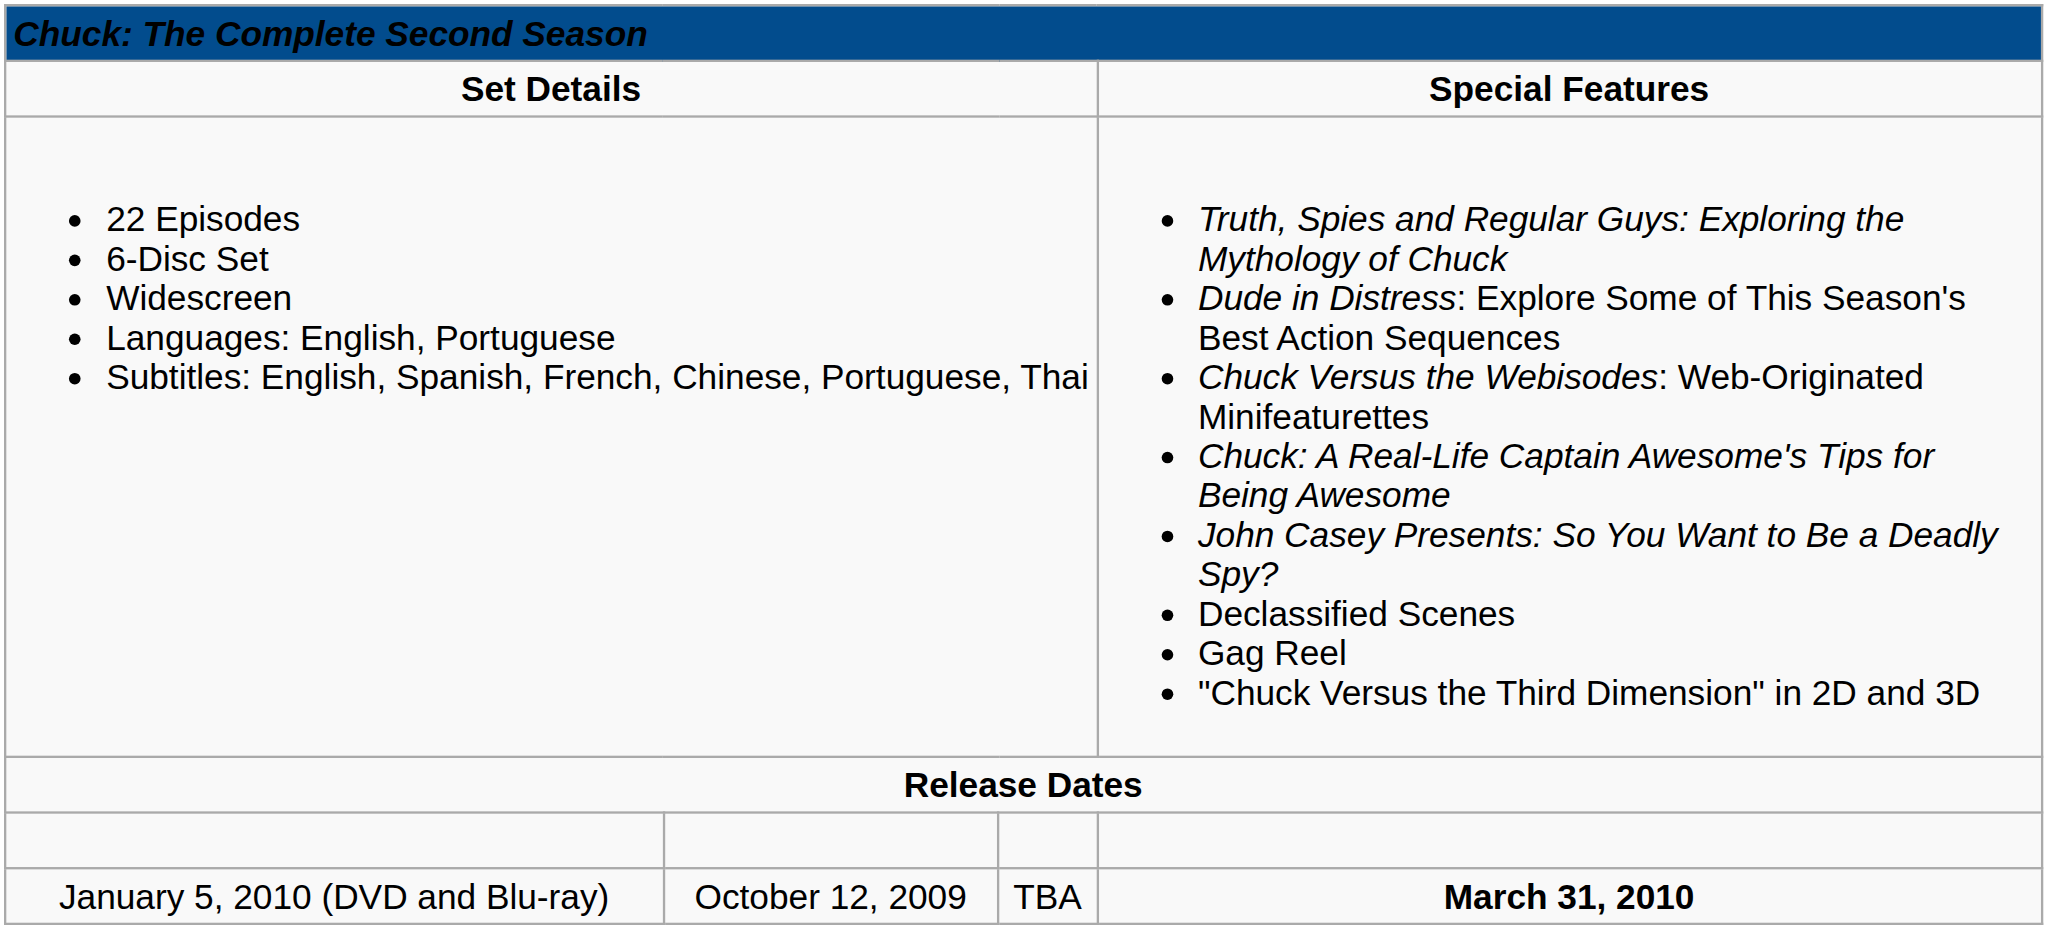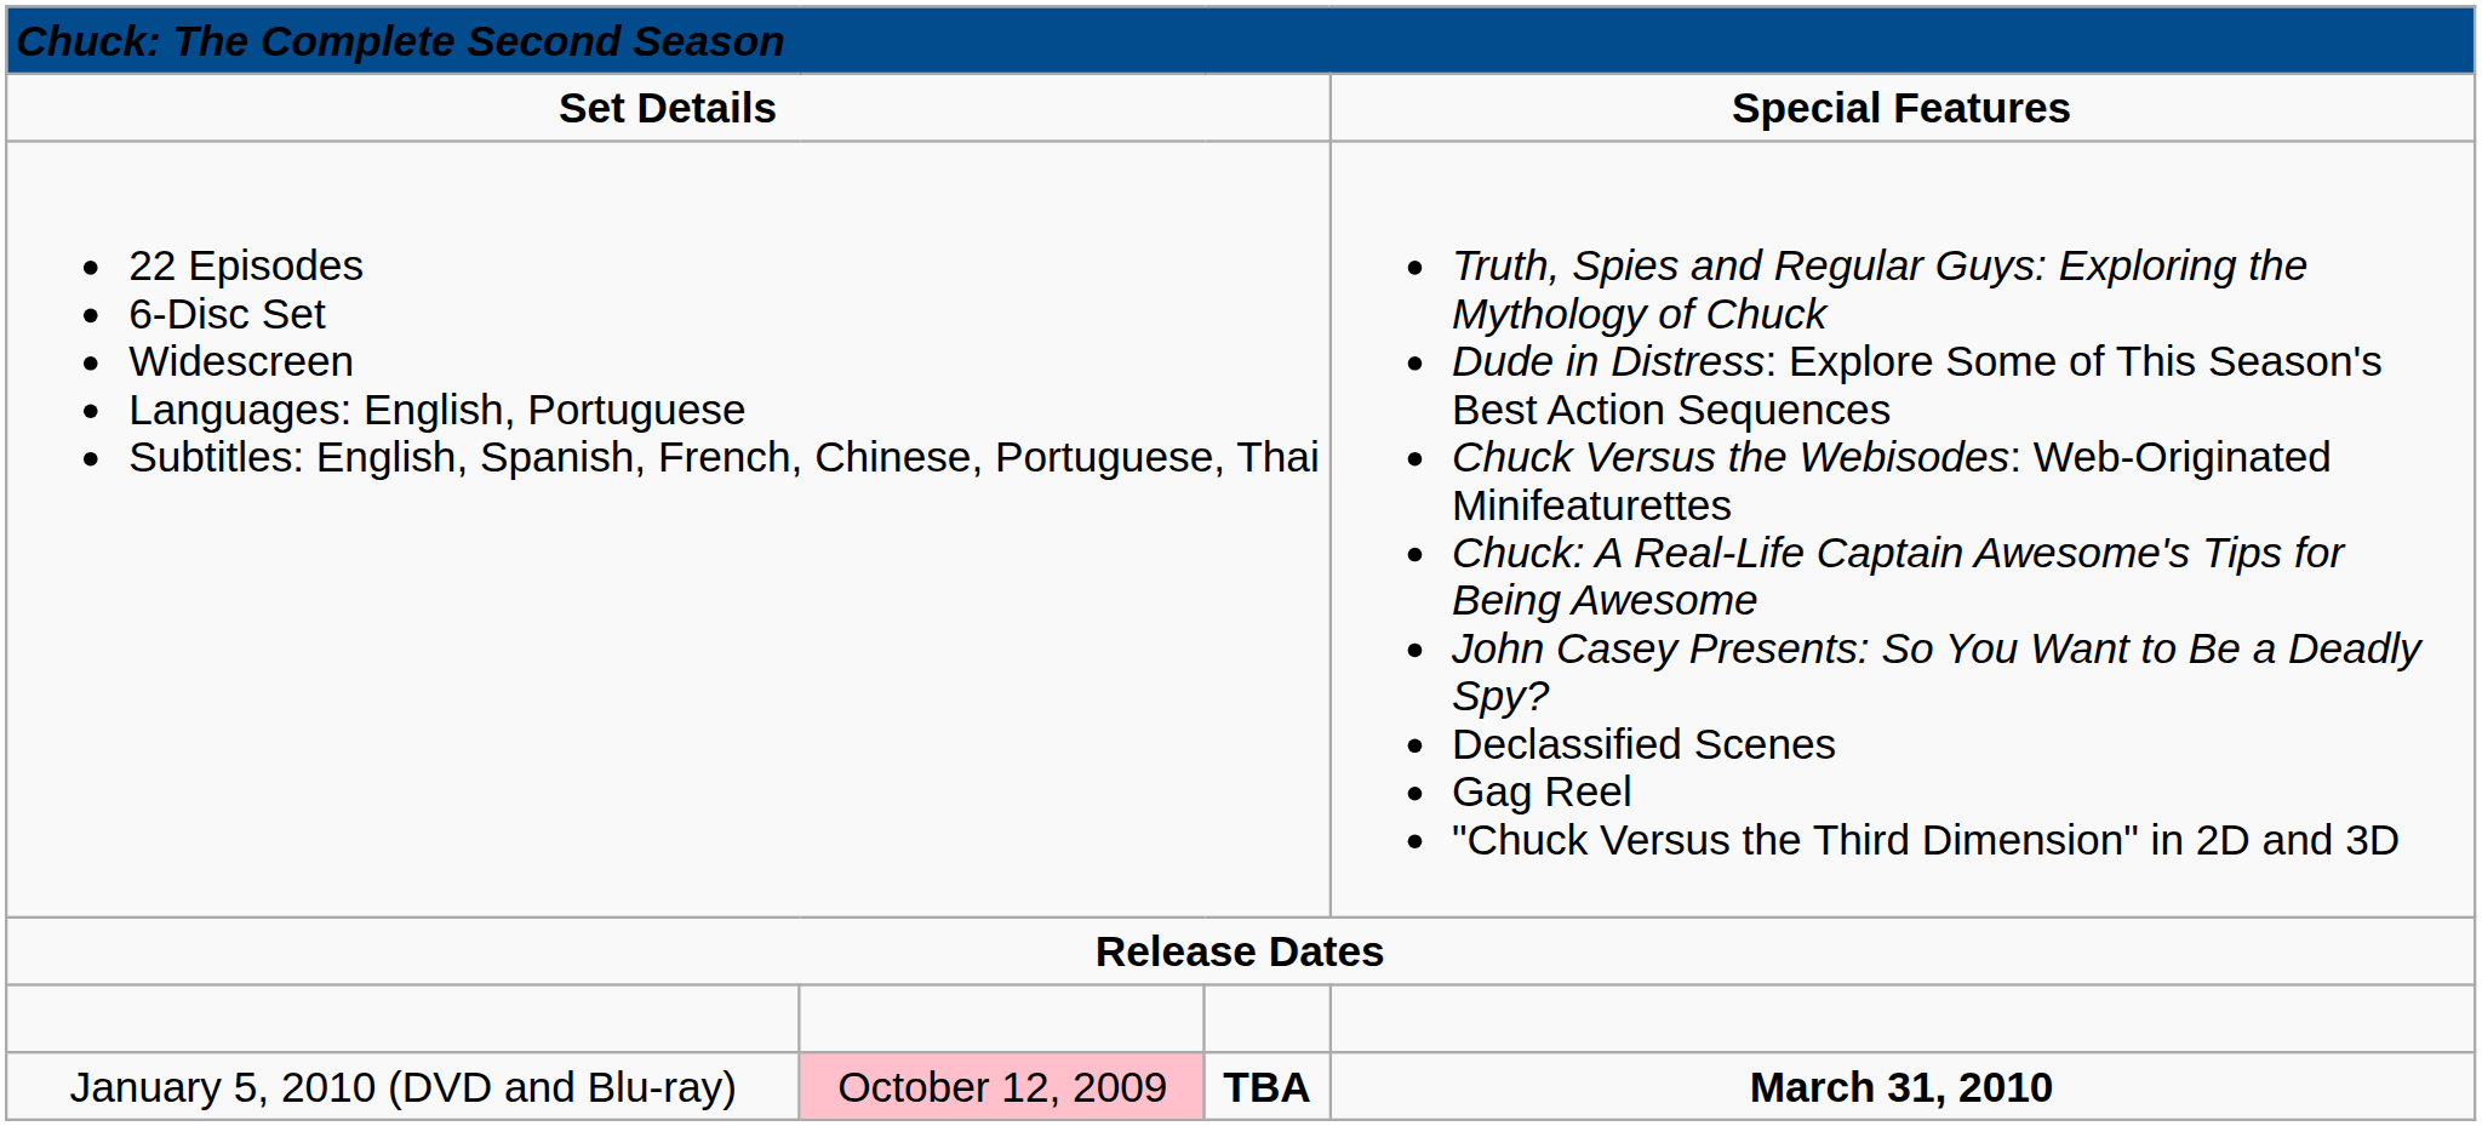 <table class="wikitable" style="font-size: 95%;">
 <tr style="background:#024c8d">
 <td colspan="6"><span><strong><em>Chuck: The Complete Second Season</em></strong></span></td>
 </tr>
 <tr valign="top">
 <td align="center" width="400" colspan="3"><strong>Set Details</strong></td>
 <td width="400" align="center" colspan="3"><strong>Special Features</strong></td>
 </tr>
 <tr valign="top">
 <td colspan="3" align="left"><br><ul><li>22 Episodes</li><li>6-Disc Set</li><li>Widescreen</li><li>Languages: English, Portuguese</li><li>Subtitles: English, Spanish, French, Chinese, Portuguese, Thai</li></ul></td>
 <td colspan="3" align="left" width="400"><br><ul><li><em>Truth, Spies and Regular Guys: Exploring the Mythology of Chuck</em></li><li><em>Dude in Distress</em>: Explore Some of This Season's Best Action Sequences</li><li><em>Chuck Versus the Webisodes</em>: Web-Originated Minifeaturettes</li><li><em>Chuck: A Real-Life Captain Awesome's Tips for Being Awesome</em></li><li><em>John Casey Presents: So You Want to Be a Deadly Spy?</em></li><li>Declassified Scenes</li><li>Gag Reel</li><li>"Chuck Versus the Third Dimension" in 2D and 3D</li></ul></td>
 </tr>
 <tr>
 <td colspan="6" align="center"><strong>Release Dates</strong></td>
 </tr>
 <tr>
 <td colspan="1" align="center"><br></td>
 <td colspan="1" align="center"></td>
 <td colspan="1" align="center"><br></td>
 <td colspan="1" align="center"></td>
 </tr>
 <tr>
 <td colspan="1" align="center">January 5, 2010 (DVD and Blu-ray)</td>
-<td colspan="1" align="center">October 12, 2009</td>
-<td colspan="1" align="center">TBA</td>
+<td colspan="1" align="center" style="background: pink;">October 12, 2009</td>
+<td colspan="1" align="center"><strong>TBA</strong></td>
 <td colspan="1" align="center"><strong>March 31, 2010</strong></td>
 </tr>
 </table>
